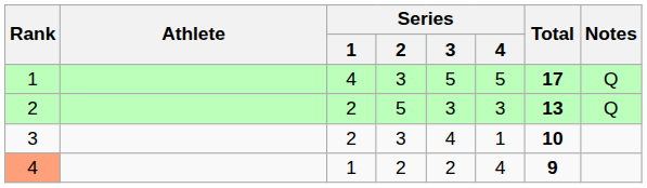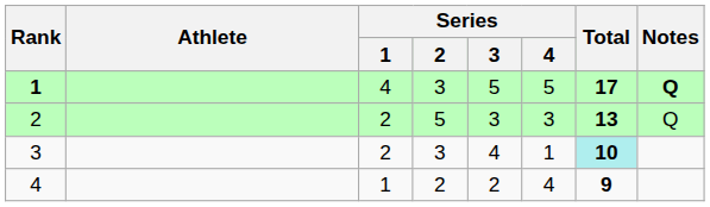 <table class="wikitable" style="text-align:center">
 <tr>
 <th rowspan=2 width=40>Rank</th>
 <th rowspan=2 width=220>Athlete</th>
 <th colspan=4>Series</th>
 <th rowspan=2 width=40>Total</th>
 <th rowspan=2 width=45>Notes</th>
 </tr>
 <tr bgcolor=bbffbb>
 <th width=35>1</th>
 <th width=35>2</th>
 <th width=35>3</th>
 <th width=35>4</th>
 </tr>
 <tr bgcolor=bbffbb>
-<td>1</td>
+<td><strong>1</strong></td>
 <td align=left></td>
 <td>4</td>
 <td>3</td>
 <td>5</td>
 <td>5</td>
 <td><strong>17</strong></td>
-<td>Q</td>
+<td><strong>Q</strong></td>
 </tr>
 <tr bgcolor=bbffbb>
 <td>2</td>
 <td align=left></td>
 <td>2</td>
 <td>5</td>
 <td>3</td>
 <td>3</td>
 <td><strong>13</strong></td>
 <td>Q</td>
 </tr>
 <tr>
 <td>3</td>
 <td align=left></td>
 <td>2</td>
 <td>3</td>
 <td>4</td>
 <td>1</td>
-<td><strong>10</strong></td>
+<td style="background: paleturquoise;"><strong>10</strong></td>
 <td></td>
 </tr>
 <tr>
-<td style="background: lightsalmon;">4</td>
+<td>4</td>
 <td align=left></td>
 <td>1</td>
 <td>2</td>
 <td>2</td>
 <td>4</td>
 <td><strong>9</strong></td>
 <td></td>
 </tr>
 </table>
